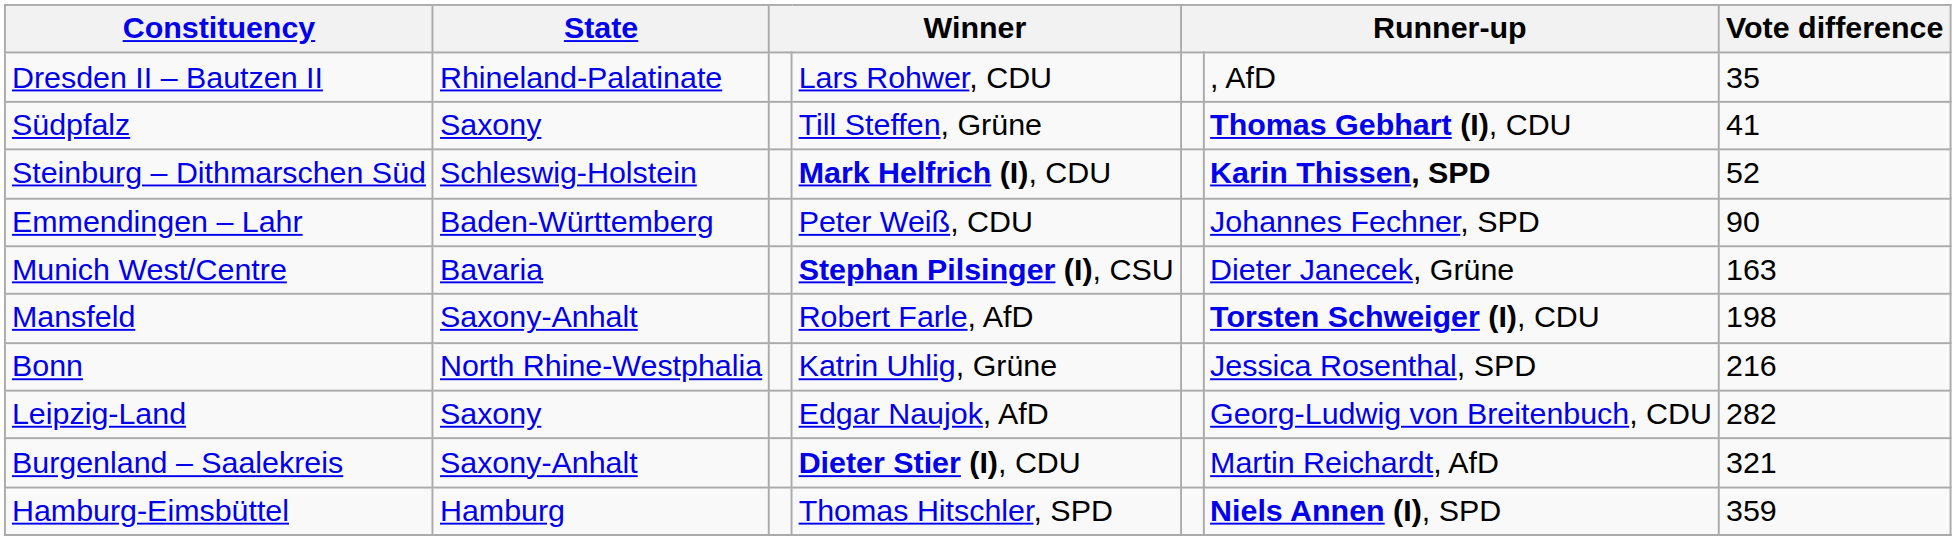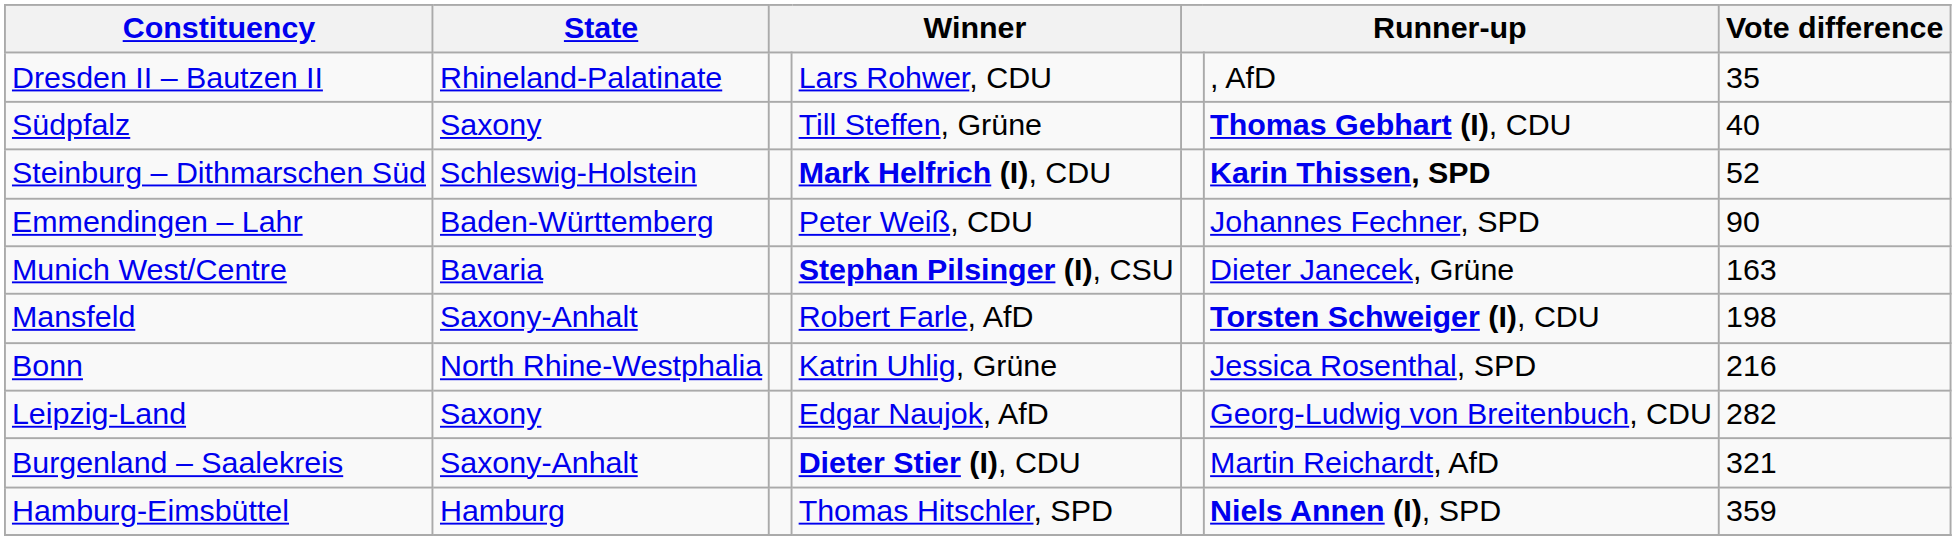 <table class="wikitable">
 <tr>
 <th><a href='#'>Constituency</a></th>
 <th><a href='#'>State</a></th>
 <th colspan="2">Winner</th>
 <th colspan="2">Runner-up</th>
 <th>Vote difference</th>
 </tr>
 <tr>
 <td><a href='#'>Dresden II – Bautzen II</a></td>
 <td><a href='#'>Rhineland-Palatinate</a></td>
 <td style="background-color: "> </td>
 <td><a href='#'>Lars Rohwer</a>, CDU</td>
 <td style="background-color: "> </td>
 <td>, AfD</td>
 <td>35</td>
 </tr>
 <tr>
 <td><a href='#'>Südpfalz</a></td>
 <td><a href='#'>Saxony</a></td>
 <td style="background-color: "> </td>
 <td><a href='#'>Till Steffen</a>, Grüne</td>
 <td style="background-color: "> </td>
 <td><strong><a href='#'>Thomas Gebhart</a> (I)</strong>, CDU</td>
-<td>41</td>
+<td>40</td>
 </tr>
 <tr>
 <td><a href='#'>Steinburg – Dithmarschen Süd</a></td>
 <td><a href='#'>Schleswig-Holstein</a></td>
 <td style="background-color: "> </td>
 <td><strong><a href='#'>Mark Helfrich</a> (I)</strong>, CDU</td>
 <td style="background-color: "> </td>
 <td><strong><a href='#'>Karin Thissen</a>, SPD</strong></td>
 <td>52</td>
 </tr>
 <tr>
 <td><a href='#'>Emmendingen – Lahr</a></td>
 <td><a href='#'>Baden-Württemberg</a></td>
 <td style="background-color: "> </td>
 <td><a href='#'>Peter Weiß</a>, CDU</td>
 <td style="background-color: "> </td>
 <td><a href='#'>Johannes Fechner</a>, SPD</td>
 <td>90</td>
 </tr>
 <tr>
 <td><a href='#'>Munich West/Centre</a></td>
 <td><a href='#'>Bavaria</a></td>
 <td style="background-color: "> </td>
 <td><strong><a href='#'>Stephan Pilsinger</a> (I)</strong>, CSU</td>
 <td style="background-color: "> </td>
 <td><a href='#'>Dieter Janecek</a>, Grüne</td>
 <td>163</td>
 </tr>
 <tr>
 <td><a href='#'>Mansfeld</a></td>
 <td><a href='#'>Saxony-Anhalt</a></td>
 <td style="background-color: "> </td>
 <td><a href='#'>Robert Farle</a>, AfD</td>
 <td style="background-color: "> </td>
 <td><strong><a href='#'>Torsten Schweiger</a> (I)</strong>, CDU</td>
 <td>198</td>
 </tr>
 <tr>
 <td><a href='#'>Bonn</a></td>
 <td><a href='#'>North Rhine-Westphalia</a></td>
 <td style="background-color: "> </td>
 <td><a href='#'>Katrin Uhlig</a>, Grüne</td>
 <td style="background-color: "> </td>
 <td><a href='#'>Jessica Rosenthal</a>, SPD</td>
 <td>216</td>
 </tr>
 <tr>
 <td><a href='#'>Leipzig-Land</a></td>
 <td><a href='#'>Saxony</a></td>
 <td style="background-color: "> </td>
 <td><a href='#'>Edgar Naujok</a>, AfD</td>
 <td style="background-color: "> </td>
 <td><a href='#'>Georg-Ludwig von Breitenbuch</a>, CDU</td>
 <td>282</td>
 </tr>
 <tr>
 <td><a href='#'>Burgenland – Saalekreis</a></td>
 <td><a href='#'>Saxony-Anhalt</a></td>
 <td style="background-color: "> </td>
 <td><strong><a href='#'>Dieter Stier</a> (I)</strong>, CDU</td>
 <td style="background-color: "> </td>
 <td><a href='#'>Martin Reichardt</a>, AfD</td>
 <td>321</td>
 </tr>
 <tr>
 <td><a href='#'>Hamburg-Eimsbüttel</a></td>
 <td><a href='#'>Hamburg</a></td>
 <td style="background-color: "> </td>
 <td><a href='#'>Thomas Hitschler</a>, SPD</td>
 <td style="background-color: "> </td>
 <td><strong><a href='#'>Niels Annen</a> (I)</strong>, SPD</td>
 <td>359</td>
 </tr>
 <tr>
 </tr>
 </table>
